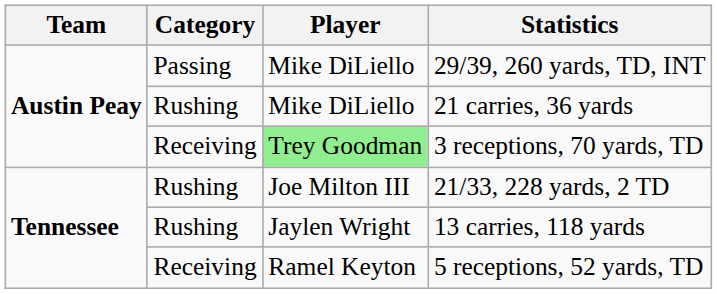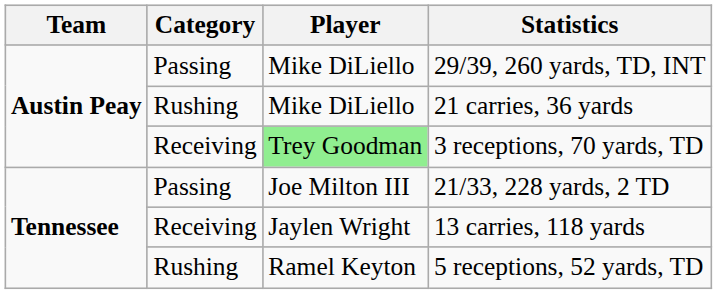 <table class="wikitable" style="float: right;">
 <tr>
 <th>Team</th>
 <th>Category</th>
 <th>Player</th>
 <th>Statistics</th>
 </tr>
 <tr>
 <td rowspan=3><strong>Austin Peay</strong></td>
 <td>Passing</td>
 <td>Mike DiLiello</td>
 <td>29/39, 260 yards, TD, INT</td>
 </tr>
 <tr>
 <td>Rushing</td>
 <td>Mike DiLiello</td>
 <td>21 carries, 36 yards</td>
 </tr>
 <tr>
 <td>Receiving</td>
 <td style="background: lightgreen;">Trey Goodman</td>
 <td>3 receptions, 70 yards, TD</td>
 </tr>
 <tr>
 <td rowspan=3><strong>Tennessee</strong></td>
-<td>Rushing</td>
+<td>Passing</td>
 <td>Joe Milton III</td>
 <td>21/33, 228 yards, 2 TD</td>
 </tr>
 <tr>
-<td>Rushing</td>
+<td>Receiving</td>
 <td>Jaylen Wright</td>
 <td>13 carries, 118 yards</td>
 </tr>
 <tr>
-<td>Receiving</td>
+<td>Rushing</td>
 <td>Ramel Keyton</td>
 <td>5 receptions, 52 yards, TD</td>
 </tr>
 </table>
